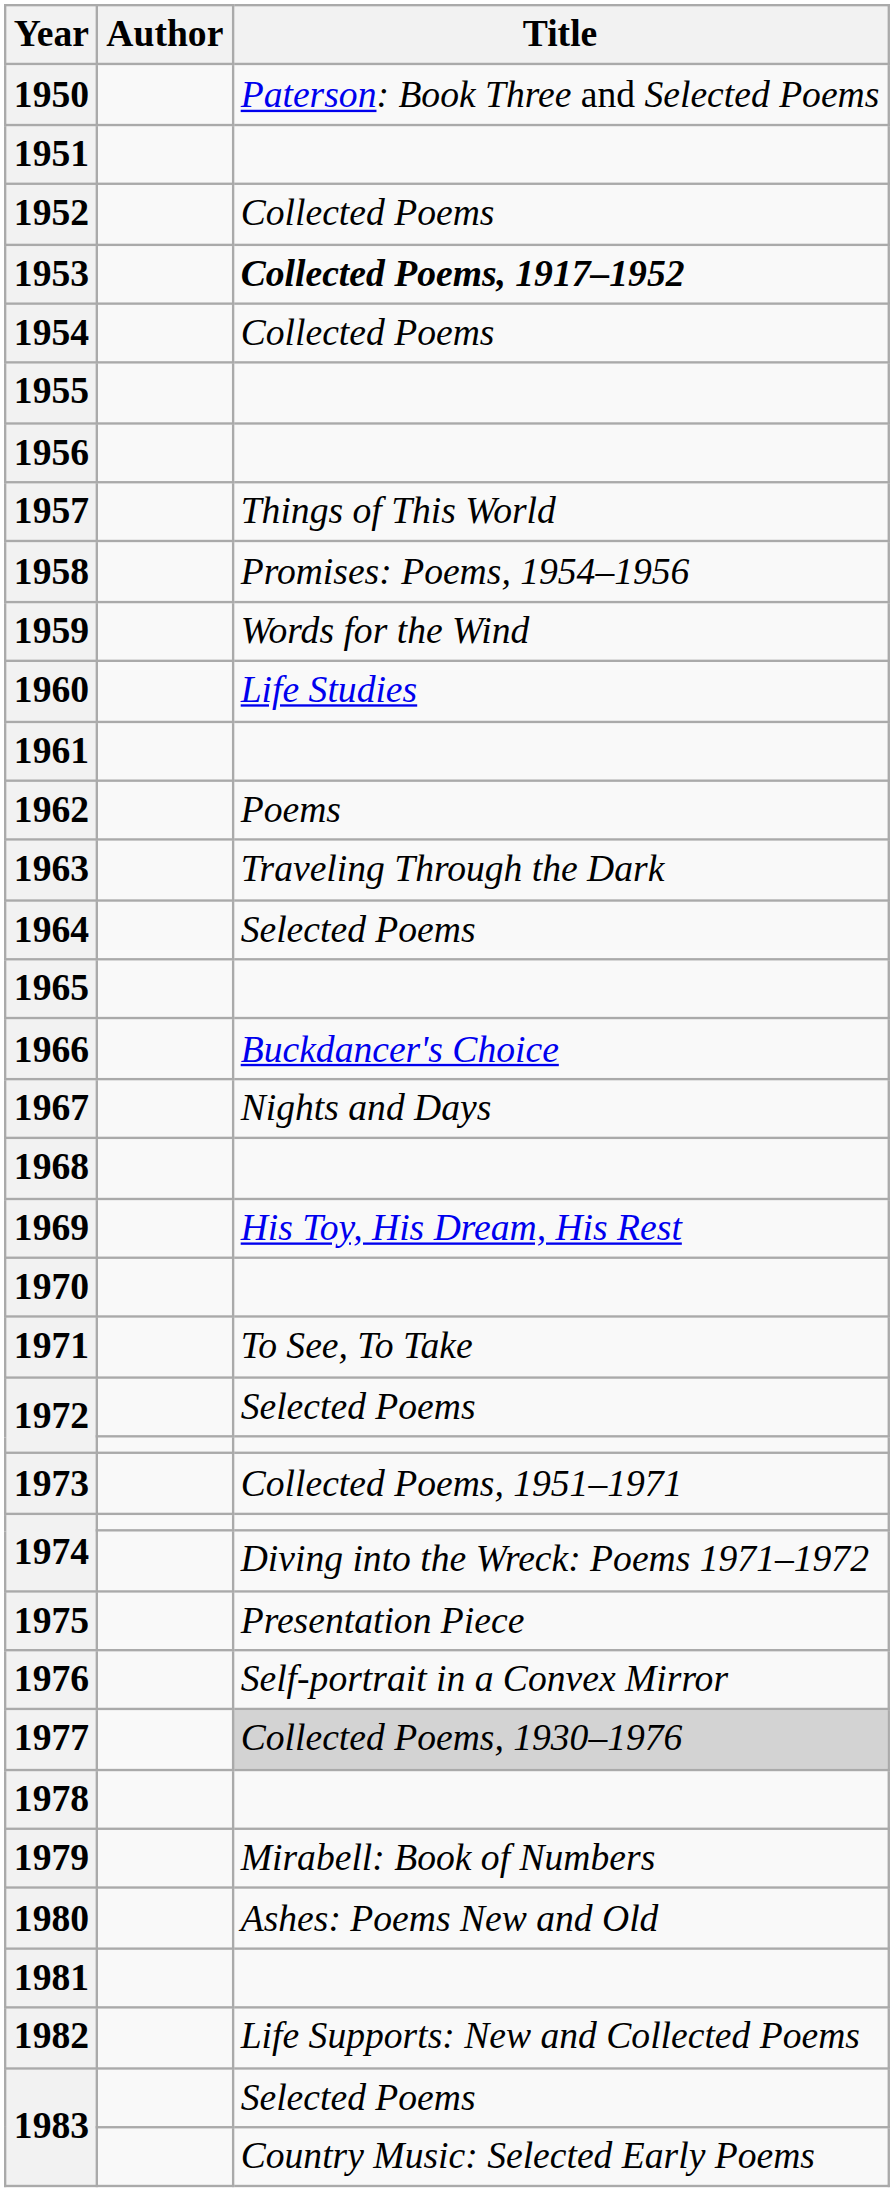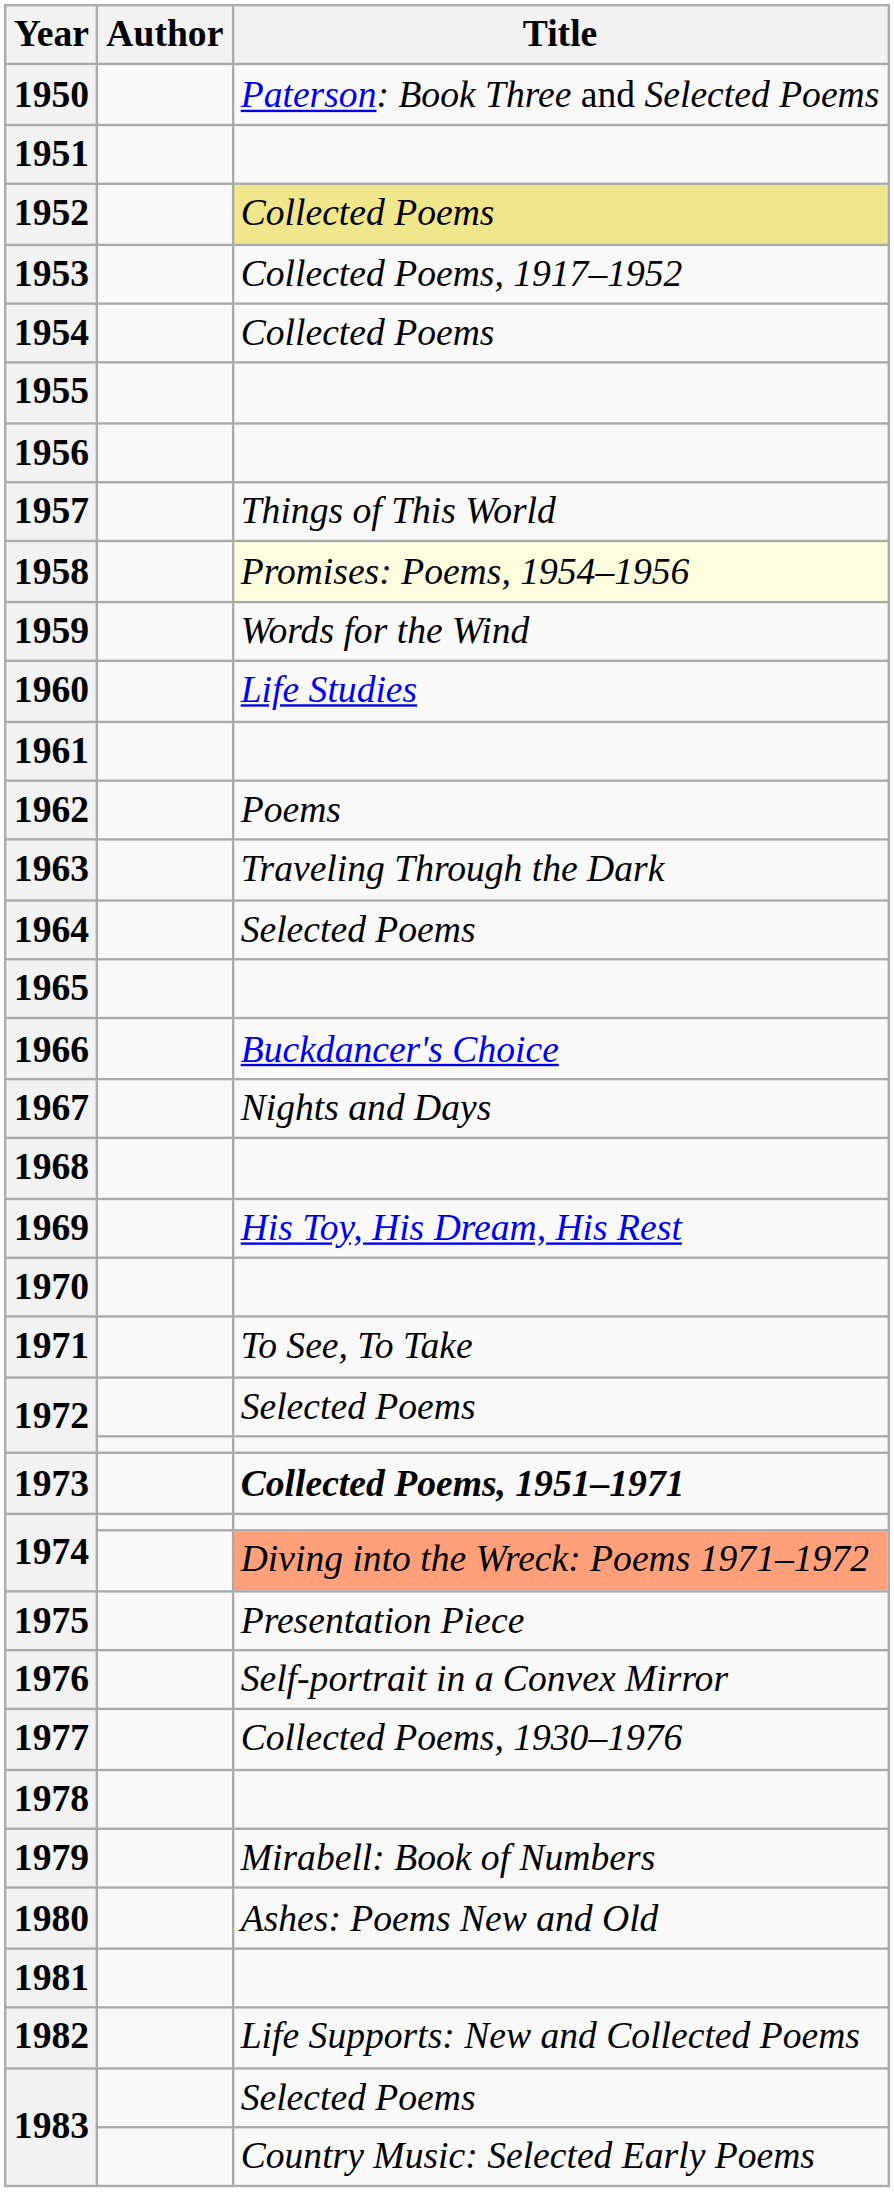 <table class="wikitable sortable mw-collapsible">
 <tr>
 <th>Year</th>
 <th>Author</th>
 <th>Title</th>
 </tr>
 <tr>
 <th>1950</th>
 <td></td>
 <td><em><a href='#'>Paterson</a>: Book Three</em> and <em>Selected Poems</em></td>
 </tr>
 <tr>
 <th>1951</th>
 <td></td>
 <td><em></em></td>
 </tr>
 <tr>
 <th>1952</th>
 <td></td>
-<td><em>Collected Poems</em></td>
+<td style="background: khaki;"><em>Collected Poems</em></td>
 </tr>
 <tr>
 <th>1953</th>
 <td></td>
-<td><strong><em>Collected Poems, 1917–1952</em></strong></td>
+<td><em>Collected Poems, 1917–1952</em></td>
 </tr>
 <tr>
 <th>1954</th>
 <td></td>
 <td><em>Collected Poems</em></td>
 </tr>
 <tr>
 <th>1955</th>
 <td></td>
 <td><em></em></td>
 </tr>
 <tr>
 <th>1956</th>
 <td></td>
 <td><em></em></td>
 </tr>
 <tr>
 <th>1957</th>
 <td></td>
 <td><em>Things of This World</em></td>
 </tr>
 <tr>
 <th>1958</th>
 <td></td>
-<td><em>Promises: Poems, 1954–1956</em></td>
+<td style="background: lightyellow;"><em>Promises: Poems, 1954–1956</em></td>
 </tr>
 <tr>
 <th>1959</th>
 <td></td>
 <td><em>Words for the Wind</em></td>
 </tr>
 <tr>
 <th>1960</th>
 <td></td>
 <td><em><a href='#'>Life Studies</a></em></td>
 </tr>
 <tr>
 <th>1961</th>
 <td></td>
 <td><em></em></td>
 </tr>
 <tr>
 <th>1962</th>
 <td></td>
 <td><em>Poems</em></td>
 </tr>
 <tr>
 <th>1963</th>
 <td></td>
 <td><em>Traveling Through the Dark</em></td>
 </tr>
 <tr>
 <th>1964</th>
 <td></td>
 <td><em>Selected Poems</em></td>
 </tr>
 <tr>
 <th>1965</th>
 <td></td>
 <td><em></em></td>
 </tr>
 <tr>
 <th>1966</th>
 <td></td>
 <td><em><a href='#'>Buckdancer's Choice</a></em></td>
 </tr>
 <tr>
 <th>1967</th>
 <td></td>
 <td><em>Nights and Days</em></td>
 </tr>
 <tr>
 <th>1968</th>
 <td></td>
 <td><em></em></td>
 </tr>
 <tr>
 <th>1969</th>
 <td></td>
 <td><em><a href='#'>His Toy, His Dream, His Rest</a></em></td>
 </tr>
 <tr>
 <th>1970</th>
 <td></td>
 <td><em></em></td>
 </tr>
 <tr>
 <th>1971</th>
 <td></td>
 <td><em>To See, To Take</em></td>
 </tr>
 <tr>
 <th rowspan="2">1972</th>
 <td></td>
 <td><em>Selected Poems</em></td>
 </tr>
 <tr>
 <td></td>
 <td><em></em></td>
 </tr>
 <tr>
 <th>1973</th>
 <td></td>
-<td><em>Collected Poems, 1951–1971</em></td>
+<td><strong><em>Collected Poems, 1951–1971</em></strong></td>
 </tr>
 <tr>
 <th rowspan="2">1974</th>
 <td></td>
 <td><em></em></td>
 </tr>
 <tr>
 <td></td>
-<td><em>Diving into the Wreck: Poems 1971–1972</em></td>
+<td style="background: lightsalmon;"><em>Diving into the Wreck: Poems 1971–1972</em></td>
 </tr>
 <tr>
 <th>1975</th>
 <td></td>
 <td><em>Presentation Piece</em></td>
 </tr>
 <tr>
 <th>1976</th>
 <td></td>
 <td><em>Self-portrait in a Convex Mirror</em></td>
 </tr>
 <tr>
 <th>1977</th>
 <td></td>
-<td style="background: lightgrey;"><em>Collected Poems, 1930–1976</em></td>
+<td><em>Collected Poems, 1930–1976</em></td>
 </tr>
 <tr>
 <th>1978</th>
 <td></td>
 <td><em></em></td>
 </tr>
 <tr>
 <th>1979</th>
 <td></td>
 <td><em>Mirabell: Book of Numbers</em></td>
 </tr>
 <tr>
 <th>1980</th>
 <td></td>
 <td><em>Ashes: Poems New and Old</em></td>
 </tr>
 <tr>
 <th>1981</th>
 <td></td>
 <td><em></em></td>
 </tr>
 <tr>
 <th>1982</th>
 <td></td>
 <td><em>Life Supports: New and Collected Poems</em></td>
 </tr>
 <tr>
 <th rowspan="2">1983</th>
 <td></td>
 <td><em>Selected Poems</em></td>
 </tr>
 <tr>
 <td></td>
 <td><em>Country Music: Selected Early Poems</em></td>
 </tr>
 </table>
